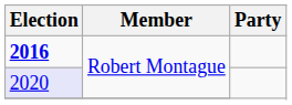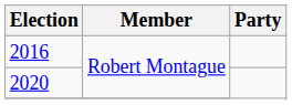 <table class="wikitable sortable">
 <tr>
 <th>Election</th>
 <th>Member</th>
 <th colspan=2>Party</th>
 </tr>
 <tr>
-<td><strong><a href='#'>2016</a></strong></td>
+<td><a href='#'>2016</a></td>
 <td rowspan=2><a href='#'>Robert Montague</a></td>
 <td></td>
 </tr>
 <tr>
-<td style="background: lavender;"><a href='#'>2020</a></td>
+<td><a href='#'>2020</a></td>
 </tr>
 <tr>
 </tr>
 </table>
